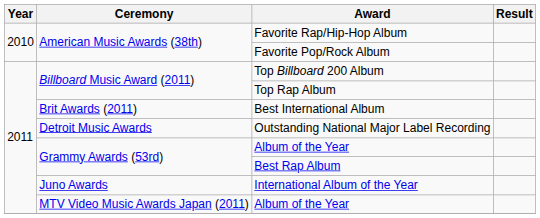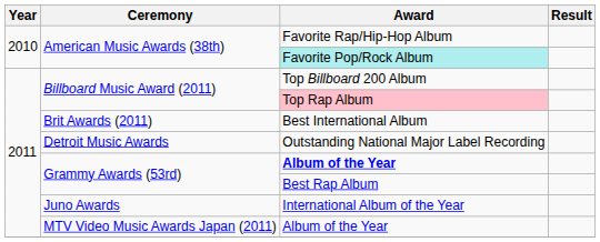 <table class="wikitable">
 <tr>
 <th>Year</th>
 <th>Ceremony</th>
 <th>Award</th>
 <th>Result</th>
 </tr>
 <tr>
 <td rowspan="2">2010</td>
 <td rowspan="2"><a href='#'>American Music Awards</a> (<a href='#'>38th</a>)</td>
 <td>Favorite Rap/Hip-Hop Album</td>
 <td></td>
 </tr>
 <tr>
-<td>Favorite Pop/Rock Album</td>
+<td style="background: paleturquoise;">Favorite Pop/Rock Album</td>
 <td></td>
 </tr>
 <tr>
 <td rowspan="8">2011</td>
 <td rowspan="2"><a href='#'><em>Billboard</em> Music Award</a> (<a href='#'>2011</a>)</td>
 <td>Top <em>Billboard</em> 200 Album</td>
 <td></td>
 </tr>
 <tr>
-<td>Top Rap Album</td>
+<td style="background: pink;">Top Rap Album</td>
 <td></td>
 </tr>
 <tr>
 <td><a href='#'>Brit Awards</a> (<a href='#'>2011</a>)</td>
 <td>Best International Album</td>
 <td></td>
 </tr>
 <tr>
 <td><a href='#'>Detroit Music Awards</a></td>
 <td>Outstanding National Major Label Recording</td>
 <td></td>
 </tr>
 <tr>
 <td rowspan="2"><a href='#'>Grammy Awards</a> (<a href='#'>53rd</a>)</td>
-<td><a href='#'>Album of the Year</a></td>
+<td><strong><a href='#'>Album of the Year</a></strong></td>
 <td></td>
 </tr>
 <tr>
 <td><a href='#'>Best Rap Album</a></td>
 <td></td>
 </tr>
 <tr>
 <td><a href='#'>Juno Awards</a></td>
 <td><a href='#'>International Album of the Year</a></td>
 <td></td>
 </tr>
 <tr>
 <td><a href='#'>MTV Video Music Awards Japan</a> (<a href='#'>2011</a>)</td>
 <td><a href='#'>Album of the Year</a></td>
 <td></td>
 </tr>
 <tr>
 </tr>
 </table>
